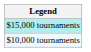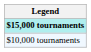 <table class="wikitable"  style="font-size:85%;">
 <tr>
 <th>Legend</th>
 </tr>
 <tr style="background:#afeeee;">
-<td>$15,000 tournaments</td>
+<td><strong>$15,000 tournaments</strong></td>
 </tr>
 <tr style="background:#f0f8ff;">
 <td>$10,000 tournaments</td>
 </tr>
 </table>
